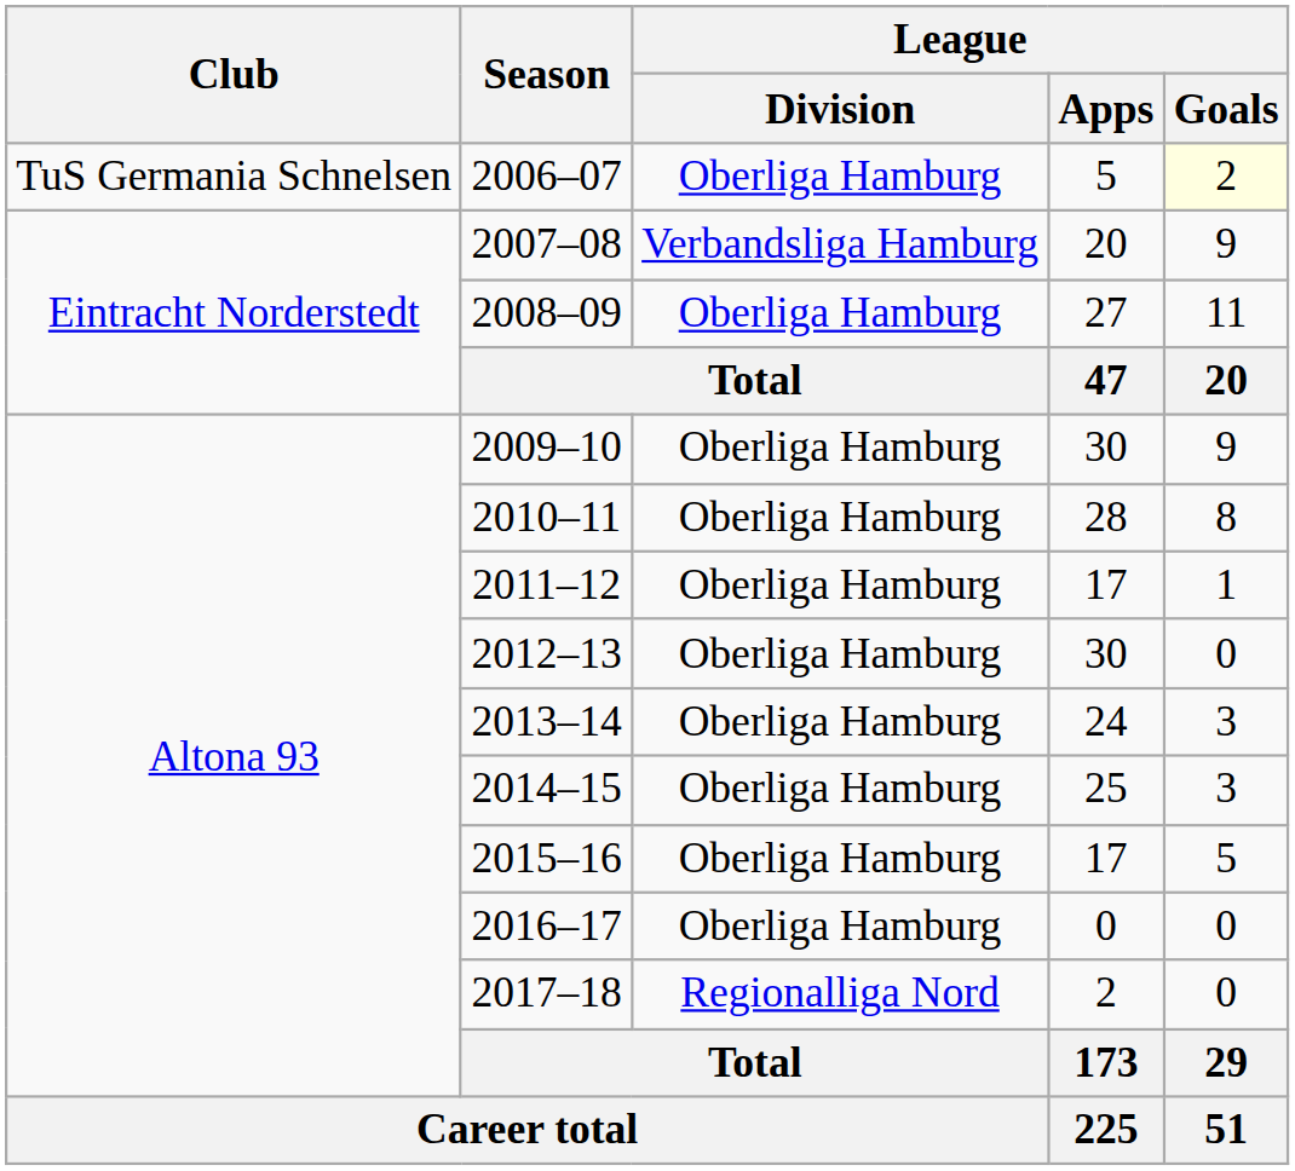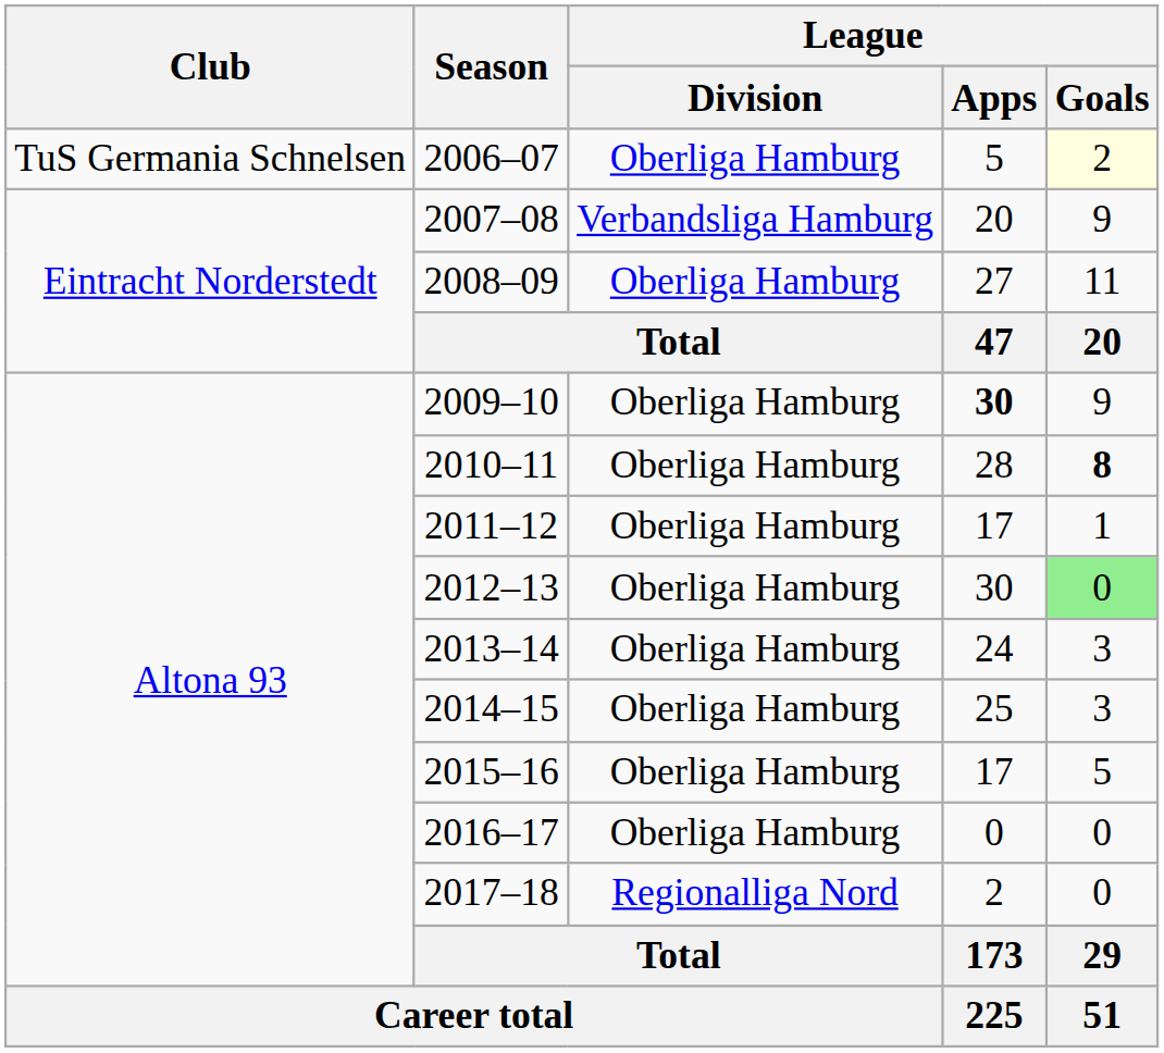 <table class="wikitable" style="text-align:center">
 <tr>
 <th rowspan="2">Club</th>
 <th rowspan="2">Season</th>
 <th colspan="3">League</th>
 </tr>
 <tr>
 <th>Division</th>
 <th>Apps</th>
 <th>Goals</th>
 </tr>
 <tr>
 <td>TuS Germania Schnelsen</td>
 <td>2006–07</td>
 <td><a href='#'>Oberliga Hamburg</a></td>
 <td>5</td>
 <td style="background: lightyellow;">2</td>
 </tr>
 <tr>
 <td rowspan="3"><a href='#'>Eintracht Norderstedt</a></td>
 <td>2007–08</td>
 <td><a href='#'>Verbandsliga Hamburg</a></td>
 <td>20</td>
 <td>9</td>
 </tr>
 <tr>
 <td>2008–09</td>
 <td><a href='#'>Oberliga Hamburg</a></td>
 <td>27</td>
 <td>11</td>
 </tr>
 <tr>
 <th colspan="2">Total</th>
 <th>47</th>
 <th>20</th>
 </tr>
 <tr>
 <td rowspan="10"><a href='#'>Altona 93</a></td>
 <td>2009–10</td>
 <td>Oberliga Hamburg</td>
-<td>30</td>
+<td><strong>30</strong></td>
 <td>9</td>
 </tr>
 <tr>
 <td>2010–11</td>
 <td>Oberliga Hamburg</td>
 <td>28</td>
-<td>8</td>
+<td><strong>8</strong></td>
 </tr>
 <tr>
 <td>2011–12</td>
 <td>Oberliga Hamburg</td>
 <td>17</td>
 <td>1</td>
 </tr>
 <tr>
 <td>2012–13</td>
 <td>Oberliga Hamburg</td>
 <td>30</td>
-<td>0</td>
+<td style="background: lightgreen;">0</td>
 </tr>
 <tr>
 <td>2013–14</td>
 <td>Oberliga Hamburg</td>
 <td>24</td>
 <td>3</td>
 </tr>
 <tr>
 <td>2014–15</td>
 <td>Oberliga Hamburg</td>
 <td>25</td>
 <td>3</td>
 </tr>
 <tr>
 <td>2015–16</td>
 <td>Oberliga Hamburg</td>
 <td>17</td>
 <td>5</td>
 </tr>
 <tr>
 <td>2016–17</td>
 <td>Oberliga Hamburg</td>
 <td>0</td>
 <td>0</td>
 </tr>
 <tr>
 <td>2017–18</td>
 <td><a href='#'>Regionalliga Nord</a></td>
 <td>2</td>
 <td>0</td>
 </tr>
 <tr>
 <th colspan="2">Total</th>
 <th>173</th>
 <th>29</th>
 </tr>
 <tr>
 <th colspan="3">Career total</th>
 <th>225</th>
 <th>51</th>
 </tr>
 </table>
